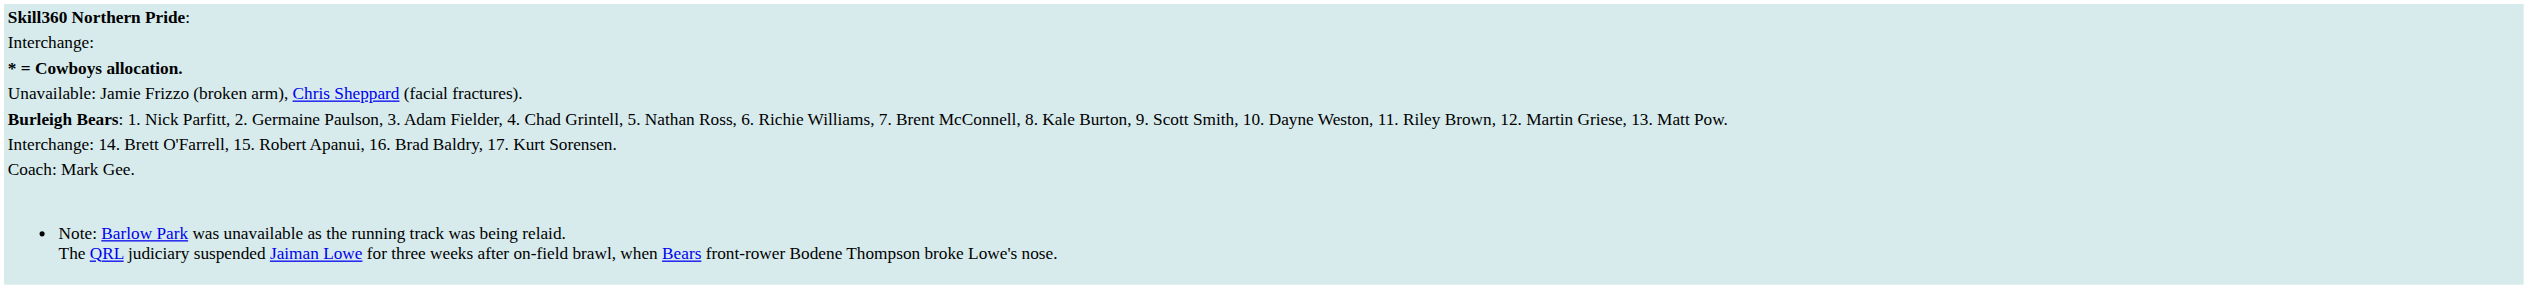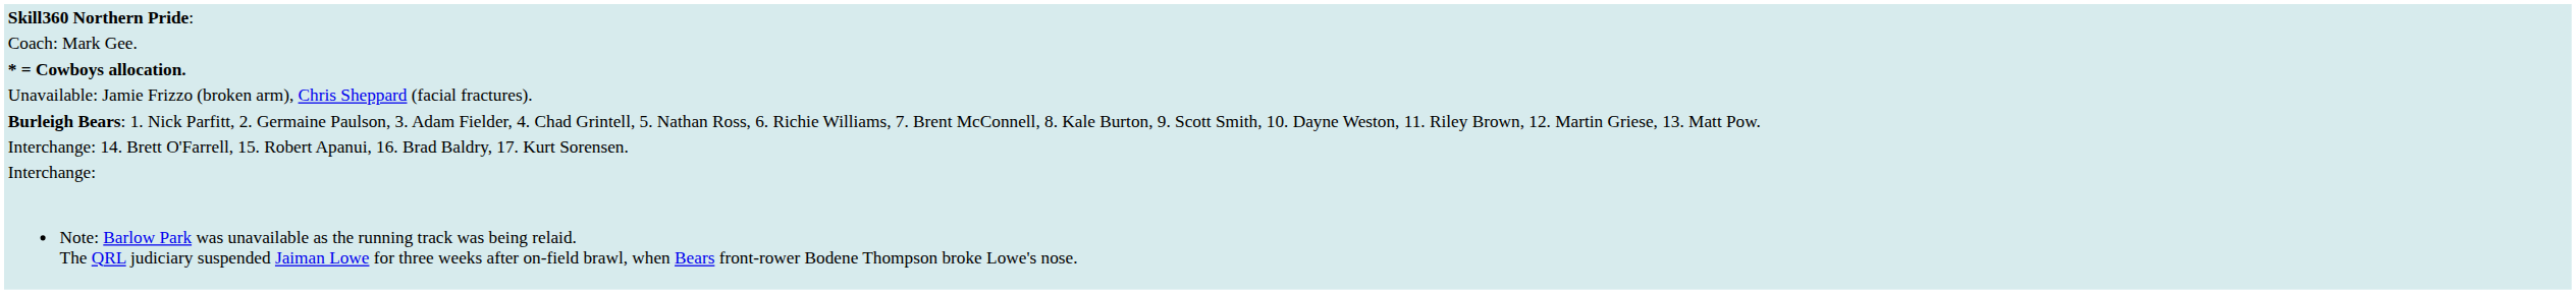 <table style="background:#d7ebed; font-size:85%; width:100%;">
 <tr>
 <td><strong>Skill360 Northern Pride</strong>:             </td>
 </tr>
 <tr>
-<td>Interchange:    </td>
+<td>Coach: Mark Gee.</td>
 </tr>
 <tr>
 <td><strong>* = Cowboys allocation.</strong></td>
 </tr>
 <tr>
 <td>Unavailable: Jamie Frizzo (broken arm), <a href='#'>Chris Sheppard</a> (facial fractures).</td>
 </tr>
 <tr>
 <td><strong>Burleigh Bears</strong>: 1. Nick Parfitt, 2. Germaine Paulson, 3. Adam Fielder, 4. Chad Grintell, 5. Nathan Ross, 6. Richie Williams, 7. Brent McConnell, 8. Kale Burton, 9. Scott Smith, 10. Dayne Weston, 11. Riley Brown, 12. Martin Griese, 13. Matt Pow.</td>
 </tr>
 <tr>
 <td>Interchange: 14. Brett O'Farrell, 15. Robert Apanui, 16. Brad Baldry, 17. Kurt Sorensen.</td>
 </tr>
 <tr>
-<td>Coach: Mark Gee.</td>
+<td>Interchange:    </td>
 </tr>
 <tr>
 <td><br><ul><li>Note: <a href='#'>Barlow Park</a> was unavailable as the running track was being relaid.<br>The <a href='#'>QRL</a> judiciary suspended <a href='#'>Jaiman Lowe</a> for three weeks after on-field brawl, when <a href='#'>Bears</a> front-rower Bodene Thompson broke Lowe's nose.</li></ul></td>
 </tr>
 </table>
